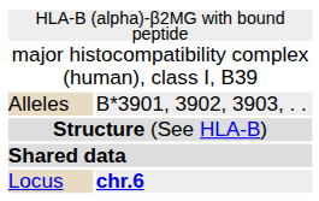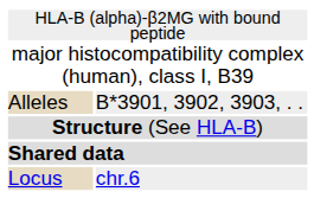 <table id="drugInfoBox" style="float: right; clear: right; margin: 0 0 0.5em 1em; background: #ffffff;" class="toccolours" border=0 cellpadding=0 align="right" width="240px">
 <tr align="center">
 <td colspan="3"></td>
 </tr>
 <tr style="text-align: center; line-height: 0.75;background:#eeeeee">
 <td colspan="3" color="white"><small>HLA-B (alpha)-β2MG with bound peptide</small></td>
 </tr>
 <tr>
 <td align="center" colspan="3"><div>major histocompatibility complex (human), class I, B39</div></td>
 </tr>
 <tr>
 <td bgcolor="#e7dcc3">Alleles</td>
 <td colspan = 2  bgcolor="#eeeeee">B*3901, 3902, 3903, . .</td>
 </tr>
 <tr align="center">
 <td colspan="3" bgcolor="#dddddd"><strong>Structure</strong> (See <a href='#'>HLA-B</a>)</td>
 </tr>
 <tr>
 <td colspan="2" bgcolor="#dddddd"><strong>Shared data</strong></td>
 </tr>
 <tr>
 <td bgcolor="#e7dcc3"><a href='#'>Locus</a></td>
-<td bgcolor="#eeeeee"><strong><a href='#'>chr.6</a> <em></em></strong></td>
+<td bgcolor="#eeeeee"><a href='#'>chr.6</a> <em></em></td>
 </tr>
 </table>
